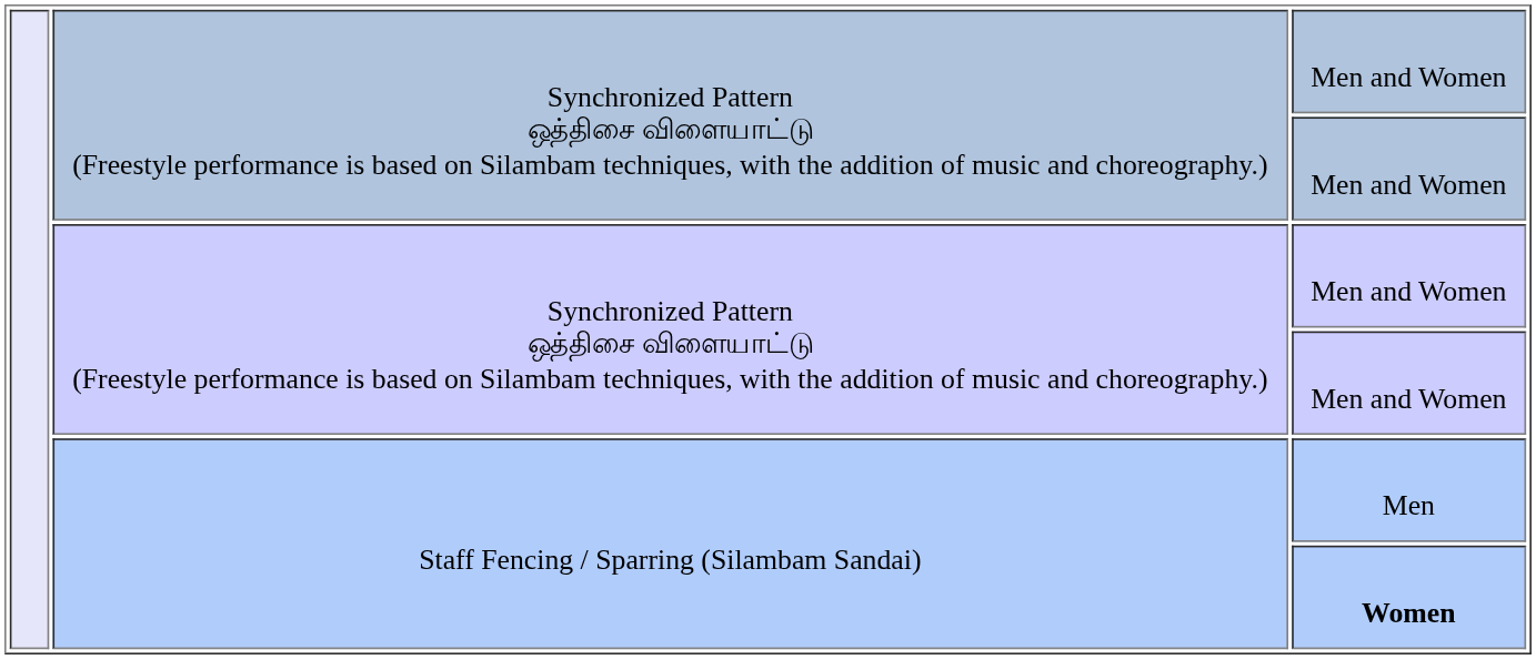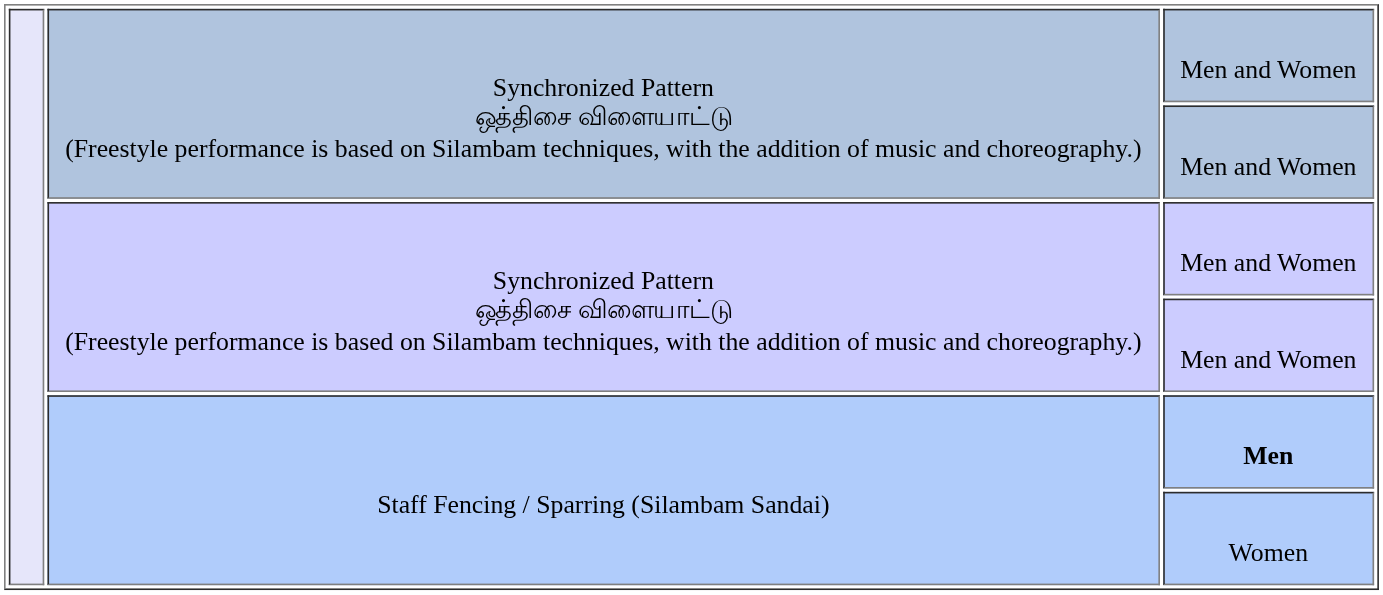 <table border="1" cellpadding="10" cellspacing="2">
 <tr>
 <td rowspan="6"  style="text-align:center; background:lavender;"></td>
 <td rowspan="2"  style="text-align:center; background:#b0c4de;"><br>Synchronized Pattern<br>ஒத்திசை விளையாட்டு<br>(Freestyle performance is based on Silambam techniques, with the addition of music and choreography.)</td>
 <td style="text-align:center; background:#b0c4de;"><br>Men and Women</td>
 </tr>
 <tr>
 <td style="text-align:center; background:#b0c4de;"><br>Men and Women</td>
 </tr>
 <tr>
 <td rowspan="2"  style="text-align:center; background:#ccf;"><br>Synchronized Pattern<br>ஒத்திசை விளையாட்டு<br>(Freestyle performance is based on Silambam techniques, with the addition of music and choreography.)</td>
 <td style="text-align:center; background:#ccf;"><br>Men and Women</td>
 </tr>
 <tr>
 <td style="text-align:center; background:#ccf;"><br>Men and Women</td>
 </tr>
 <tr>
 <td rowspan="2"  style="text-align:center; background:#b0ccfb;"><br>Staff Fencing / Sparring (Silambam Sandai)</td>
-<td style="text-align:center; background:#b0ccfb;"><br>Men</td>
+<td style="text-align:center; background:#b0ccfb;"><strong><br>Men</strong></td>
 </tr>
 <tr>
-<td style="text-align:center; background:#b0ccfb;"><strong><br>Women</strong></td>
+<td style="text-align:center; background:#b0ccfb;"><br>Women</td>
 </tr>
 </table>
